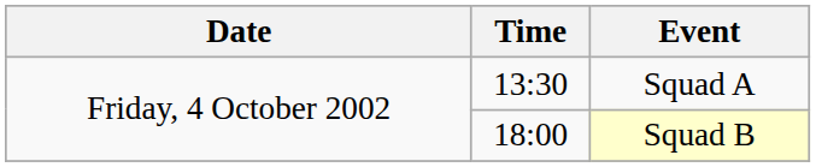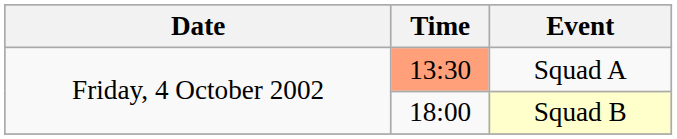 <table class = "wikitable" style="text-align:center;">
 <tr>
 <th width=220>Date</th>
 <th width=50>Time</th>
 <th width=100>Event</th>
 </tr>
 <tr>
 <td rowspan=2>Friday, 4 October 2002</td>
-<td>13:30</td>
+<td style="background: lightsalmon;">13:30</td>
 <td>Squad A</td>
 </tr>
 <tr>
 <td>18:00</td>
 <td bgcolor=ffffcc>Squad B</td>
 </tr>
 </table>
